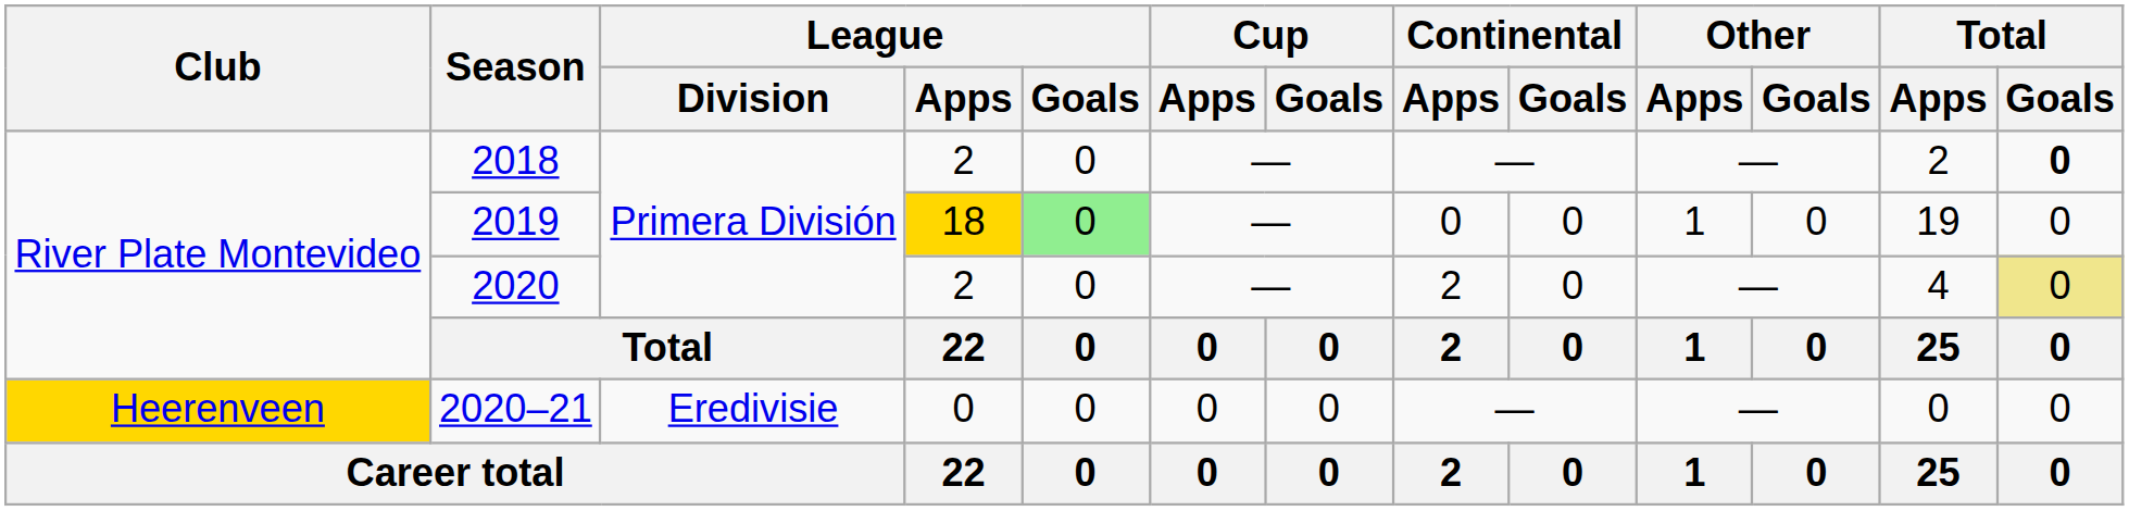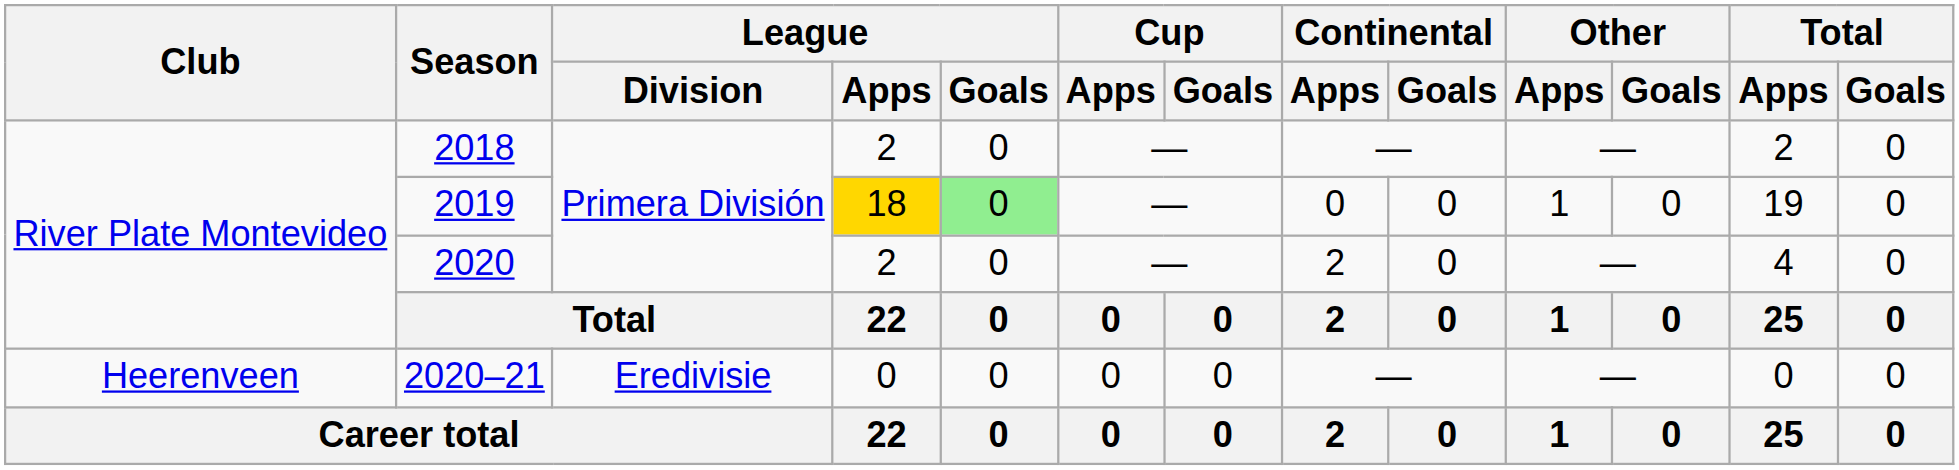 <table class="wikitable" Style="text-align: center">
 <tr>
 <th rowspan="2">Club</th>
 <th rowspan="2">Season</th>
 <th colspan="3">League</th>
 <th colspan="2">Cup</th>
 <th colspan="2">Continental</th>
 <th colspan="2">Other</th>
 <th colspan="2">Total</th>
 </tr>
 <tr>
 <th>Division</th>
 <th>Apps</th>
 <th>Goals</th>
 <th>Apps</th>
 <th>Goals</th>
 <th>Apps</th>
 <th>Goals</th>
 <th>Apps</th>
 <th>Goals</th>
 <th>Apps</th>
 <th>Goals</th>
 </tr>
 <tr>
 <td rowspan="4"><a href='#'>River Plate Montevideo</a></td>
 <td><a href='#'>2018</a></td>
 <td rowspan="3"><a href='#'>Primera División</a></td>
 <td>2</td>
 <td>0</td>
 <td colspan="2">—</td>
 <td colspan="2">—</td>
 <td colspan="2">—</td>
 <td>2</td>
-<td><strong>0</strong></td>
+<td>0</td>
 </tr>
 <tr>
 <td><a href='#'>2019</a></td>
 <td style="background: gold;">18</td>
 <td style="background: lightgreen;">0</td>
 <td colspan="2">—</td>
 <td>0</td>
 <td>0</td>
 <td>1</td>
 <td>0</td>
 <td>19</td>
 <td>0</td>
 </tr>
 <tr>
 <td><a href='#'>2020</a></td>
 <td>2</td>
 <td>0</td>
 <td colspan="2">—</td>
 <td>2</td>
 <td>0</td>
 <td colspan="2">—</td>
 <td>4</td>
-<td style="background: khaki;">0</td>
+<td>0</td>
 </tr>
 <tr>
 <th colspan="2">Total</th>
 <th>22</th>
 <th>0</th>
 <th>0</th>
 <th>0</th>
 <th>2</th>
 <th>0</th>
 <th>1</th>
 <th>0</th>
 <th>25</th>
 <th>0</th>
 </tr>
 <tr>
-<td rowspan="1" style="background: gold;"><a href='#'>Heerenveen</a></td>
+<td rowspan="1"><a href='#'>Heerenveen</a></td>
 <td><a href='#'>2020–21</a></td>
 <td rowspan="1"><a href='#'>Eredivisie</a></td>
 <td>0</td>
 <td>0</td>
 <td>0</td>
 <td>0</td>
 <td colspan="2">—</td>
 <td colspan="2">—</td>
 <td>0</td>
 <td>0</td>
 </tr>
 <tr>
 <th colspan="3">Career total</th>
 <th>22</th>
 <th>0</th>
 <th>0</th>
 <th>0</th>
 <th>2</th>
 <th>0</th>
 <th>1</th>
 <th>0</th>
 <th>25</th>
 <th>0</th>
 </tr>
 </table>
